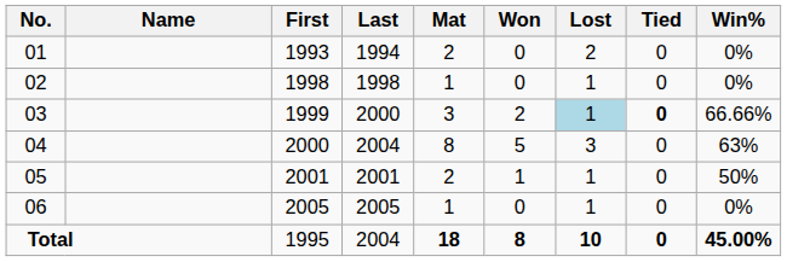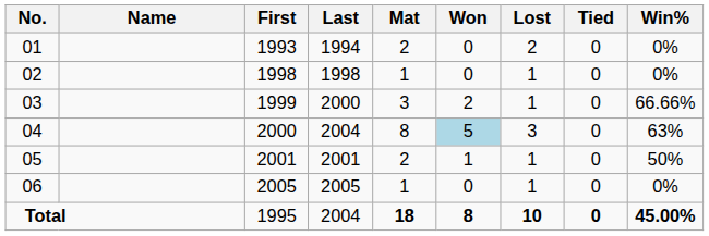 <table class="wikitable sortable sticky-header" style="margin: 1em auto 1em auto">
 <tr>
 <th width="40">No.</th>
 <th width="160">Name</th>
 <th width="50">First</th>
 <th width="50">Last</th>
 <th width="50">Mat</th>
 <th width="50">Won</th>
 <th width="50">Lost</th>
 <th width="50">Tied</th>
 <th width="60">Win%</th>
 </tr>
 <tr align=center>
 <td><span>0</span>1</td>
 <td align=left></td>
 <td>1993</td>
 <td>1994</td>
 <td>2</td>
 <td>0</td>
 <td>2</td>
 <td>0</td>
 <td>0%</td>
 </tr>
 <tr align=center>
 <td><span>0</span>2</td>
 <td align=left></td>
 <td>1998</td>
 <td>1998</td>
 <td>1</td>
 <td>0</td>
 <td>1</td>
 <td>0</td>
 <td>0%</td>
 </tr>
 <tr align=center>
 <td><span>0</span>3</td>
 <td align=left></td>
 <td>1999</td>
 <td>2000</td>
 <td>3</td>
 <td>2</td>
-<td style="background: lightblue;">1</td>
-<td><strong>0</strong></td>
+<td>1</td>
+<td>0</td>
 <td>66.66%</td>
 </tr>
 <tr align=center>
 <td><span>0</span>4</td>
 <td align=left></td>
 <td>2000</td>
 <td>2004</td>
 <td>8</td>
-<td>5</td>
+<td style="background: lightblue;">5</td>
 <td>3</td>
 <td>0</td>
 <td>63%</td>
 </tr>
 <tr align=center>
 <td><span>0</span>5</td>
 <td align=left></td>
 <td>2001</td>
 <td>2001</td>
 <td>2</td>
 <td>1</td>
 <td>1</td>
 <td>0</td>
 <td>50%</td>
 </tr>
 <tr align=center>
 <td><span>0</span>6</td>
 <td align=left></td>
 <td>2005</td>
 <td>2005</td>
 <td>1</td>
 <td>0</td>
 <td>1</td>
 <td>0</td>
 <td>0%</td>
 </tr>
 <tr class="sortbottom" align=center>
 <td colspan=2 align=left><strong>   Total</strong></td>
 <td>1995</td>
 <td>2004</td>
 <td><strong>18</strong></td>
 <td><strong>8</strong></td>
 <td><strong>10</strong></td>
 <td><strong>0</strong></td>
 <td><strong>45.00%</strong></td>
 </tr>
 </table>
